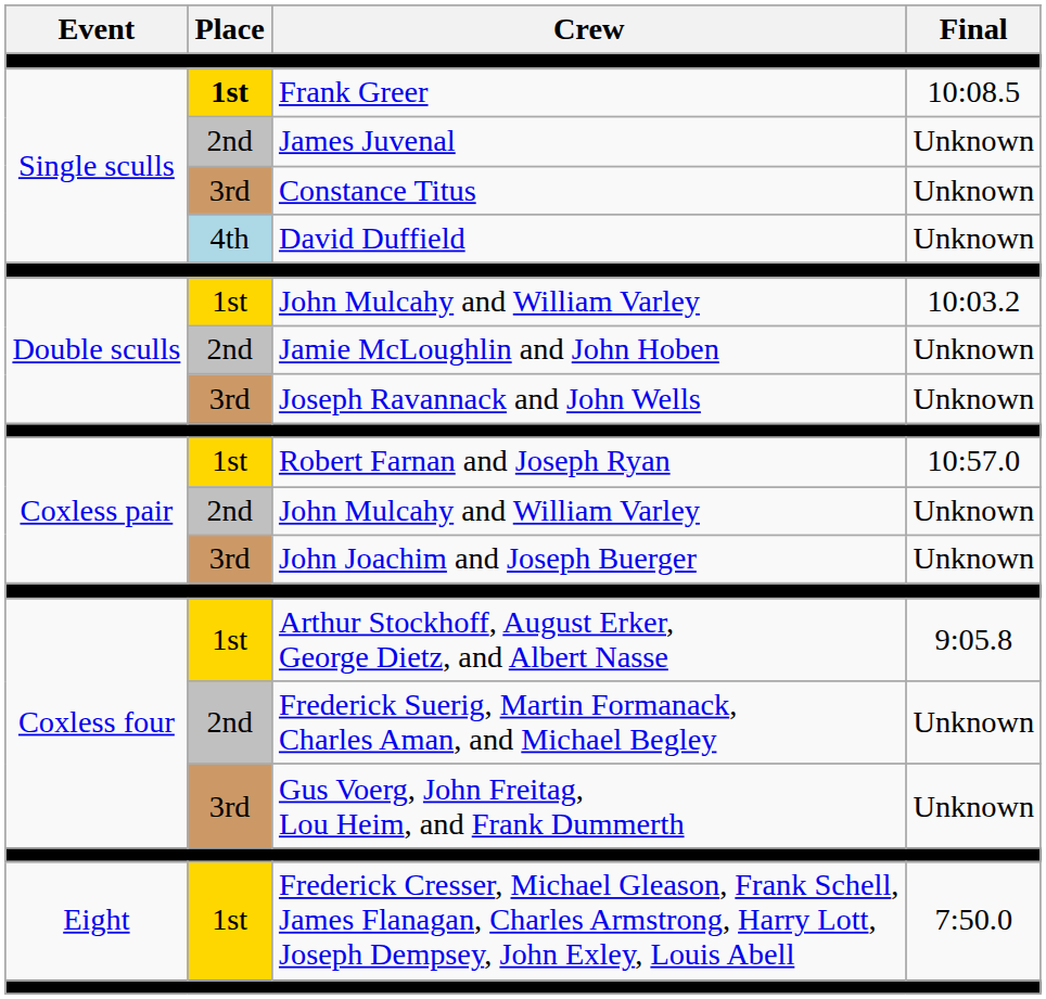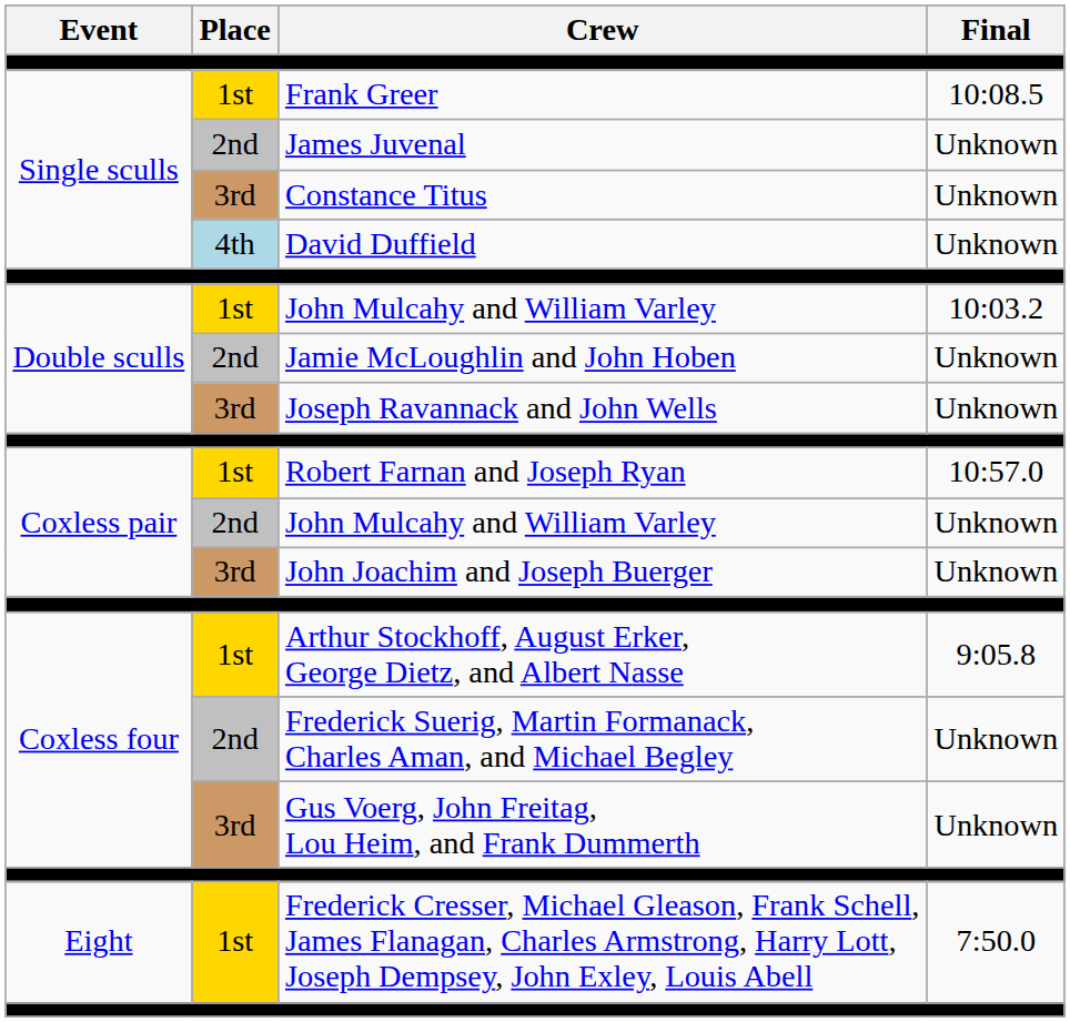 <table class=wikitable style="text-align:center">
 <tr>
 <th>Event</th>
 <th>Place</th>
 <th>Crew</th>
 <th>Final</th>
 </tr>
 <tr bgcolor=black>
 <td colspan=4></td>
 </tr>
 <tr align=center>
 <td rowspan=4><a href='#'>Single sculls</a></td>
-<td bgcolor=gold><strong>1st</strong></td>
+<td bgcolor=gold>1st</td>
 <td align=left><a href='#'>Frank Greer</a></td>
 <td>10:08.5</td>
 </tr>
 <tr>
 <td bgcolor=silver>2nd</td>
 <td align=left><a href='#'>James Juvenal</a></td>
 <td>Unknown</td>
 </tr>
 <tr>
 <td bgcolor=cc9966>3rd</td>
 <td align=left><a href='#'>Constance Titus</a></td>
 <td>Unknown</td>
 </tr>
 <tr>
 <td style="background: lightblue;">4th</td>
 <td align=left><a href='#'>David Duffield</a></td>
 <td>Unknown</td>
 </tr>
 <tr bgcolor=black>
 <td colspan=4></td>
 </tr>
 <tr align=center>
 <td rowspan=3><a href='#'>Double sculls</a></td>
 <td bgcolor=gold>1st</td>
 <td align=left><a href='#'>John Mulcahy</a> and <a href='#'>William Varley</a></td>
 <td>10:03.2</td>
 </tr>
 <tr>
 <td bgcolor=silver>2nd</td>
 <td align=left><a href='#'>Jamie McLoughlin</a> and <a href='#'>John Hoben</a></td>
 <td>Unknown</td>
 </tr>
 <tr>
 <td bgcolor=cc9966>3rd</td>
 <td align=left><a href='#'>Joseph Ravannack</a> and <a href='#'>John Wells</a></td>
 <td>Unknown</td>
 </tr>
 <tr bgcolor=black>
 <td colspan=4></td>
 </tr>
 <tr align=center>
 <td rowspan=3><a href='#'>Coxless pair</a></td>
 <td bgcolor=gold>1st</td>
 <td align=left><a href='#'>Robert Farnan</a> and <a href='#'>Joseph Ryan</a></td>
 <td>10:57.0</td>
 </tr>
 <tr>
 <td bgcolor=silver>2nd</td>
 <td align=left><a href='#'>John Mulcahy</a> and <a href='#'>William Varley</a></td>
 <td>Unknown</td>
 </tr>
 <tr>
 <td bgcolor=cc9966>3rd</td>
 <td align=left><a href='#'>John Joachim</a> and <a href='#'>Joseph Buerger</a></td>
 <td>Unknown</td>
 </tr>
 <tr bgcolor=black>
 <td colspan=4></td>
 </tr>
 <tr align=center>
 <td rowspan=3><a href='#'>Coxless four</a></td>
 <td bgcolor=gold>1st</td>
 <td align=left><a href='#'>Arthur Stockhoff</a>, <a href='#'>August Erker</a>, <br><a href='#'>George Dietz</a>, and <a href='#'>Albert Nasse</a></td>
 <td>9:05.8</td>
 </tr>
 <tr>
 <td bgcolor=silver>2nd</td>
 <td align=left><a href='#'>Frederick Suerig</a>, <a href='#'>Martin Formanack</a>, <br><a href='#'>Charles Aman</a>, and <a href='#'>Michael Begley</a></td>
 <td>Unknown</td>
 </tr>
 <tr>
 <td bgcolor=cc9966>3rd</td>
 <td align=left><a href='#'>Gus Voerg</a>, <a href='#'>John Freitag</a>, <br><a href='#'>Lou Heim</a>, and <a href='#'>Frank Dummerth</a></td>
 <td>Unknown</td>
 </tr>
 <tr bgcolor=black>
 <td colspan=4></td>
 </tr>
 <tr align=center>
 <td><a href='#'>Eight</a></td>
 <td bgcolor=gold>1st</td>
 <td align=left><a href='#'>Frederick Cresser</a>, <a href='#'>Michael Gleason</a>, <a href='#'>Frank Schell</a>, <br><a href='#'>James Flanagan</a>, <a href='#'>Charles Armstrong</a>, <a href='#'>Harry Lott</a>, <br><a href='#'>Joseph Dempsey</a>, <a href='#'>John Exley</a>, <a href='#'>Louis Abell</a></td>
 <td>7:50.0</td>
 </tr>
 <tr bgcolor=black>
 <td colspan=4></td>
 </tr>
 </table>
